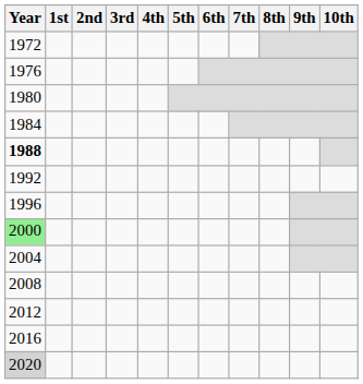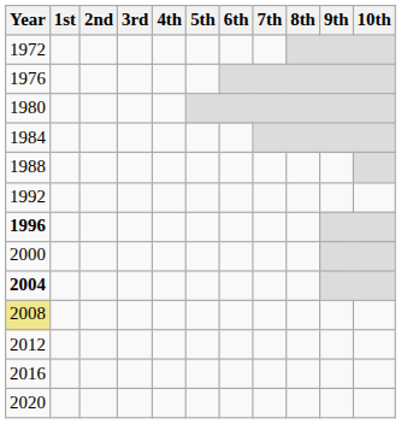 <table class="wikitable" style="text-align:left; font-size:80%">
 <tr>
 <th>Year</th>
 <th>1st</th>
 <th>2nd</th>
 <th>3rd</th>
 <th>4th</th>
 <th>5th</th>
 <th>6th</th>
 <th>7th</th>
 <th>8th</th>
 <th>9th</th>
 <th>10th</th>
 </tr>
 <tr>
 <td align="center">1972</td>
 <td></td>
 <td></td>
 <td></td>
 <td></td>
 <td></td>
 <td></td>
 <td></td>
 <td colspan=3 bgcolor=#DCDCDC></td>
 </tr>
 <tr>
 <td align="center">1976</td>
 <td></td>
 <td></td>
 <td></td>
 <td></td>
 <td></td>
 <td colspan=5 bgcolor=#DCDCDC></td>
 </tr>
 <tr>
 <td align="center">1980</td>
 <td></td>
 <td></td>
 <td></td>
 <td></td>
 <td colspan=6 bgcolor=#DCDCDC></td>
 </tr>
 <tr>
 <td align="center">1984</td>
 <td></td>
 <td></td>
 <td></td>
 <td></td>
 <td></td>
 <td></td>
 <td colspan=4 bgcolor=#DCDCDC></td>
 </tr>
 <tr>
-<td align="center"><strong>1988</strong></td>
+<td align="center">1988</td>
 <td></td>
 <td></td>
 <td></td>
 <td></td>
 <td></td>
 <td></td>
 <td></td>
 <td></td>
 <td></td>
 <td colspan=1 bgcolor=#DCDCDC></td>
 </tr>
 <tr>
 <td align="center">1992</td>
 <td></td>
 <td></td>
 <td></td>
 <td></td>
 <td></td>
 <td></td>
 <td></td>
 <td></td>
 <td></td>
 <td></td>
 </tr>
 <tr>
-<td align="center">1996</td>
+<td align="center"><strong>1996</strong></td>
 <td></td>
 <td></td>
 <td></td>
 <td></td>
 <td></td>
 <td></td>
 <td></td>
 <td></td>
 <td colspan=2 bgcolor=#DCDCDC></td>
 </tr>
 <tr>
-<td align="center" style="background: lightgreen;">2000</td>
+<td align="center">2000</td>
 <td></td>
 <td></td>
 <td></td>
 <td></td>
 <td></td>
 <td></td>
 <td></td>
 <td></td>
 <td colspan=2 bgcolor=#DCDCDC></td>
 </tr>
 <tr>
-<td align="center">2004</td>
+<td align="center"><strong>2004</strong></td>
 <td></td>
 <td></td>
 <td></td>
 <td></td>
 <td></td>
 <td></td>
 <td></td>
 <td></td>
 <td colspan=2 bgcolor=#DCDCDC></td>
 </tr>
 <tr>
-<td align="center">2008</td>
+<td align="center" style="background: khaki;">2008</td>
 <td></td>
 <td></td>
 <td></td>
 <td></td>
 <td></td>
 <td></td>
 <td></td>
 <td></td>
 <td></td>
 <td></td>
 </tr>
 <tr>
 <td align="center">2012</td>
 <td></td>
 <td></td>
 <td></td>
 <td></td>
 <td></td>
 <td></td>
 <td></td>
 <td></td>
 <td></td>
 <td></td>
 </tr>
 <tr>
 <td align="center">2016</td>
 <td></td>
 <td></td>
 <td></td>
 <td></td>
 <td></td>
 <td></td>
 <td></td>
 <td></td>
 <td></td>
 <td></td>
 </tr>
 <tr>
-<td align="center" style="background: lightgrey;">2020</td>
+<td align="center">2020</td>
 <td></td>
 <td></td>
 <td></td>
 <td></td>
 <td></td>
 <td></td>
 <td></td>
 <td></td>
 <td></td>
 <td></td>
 </tr>
 </table>
